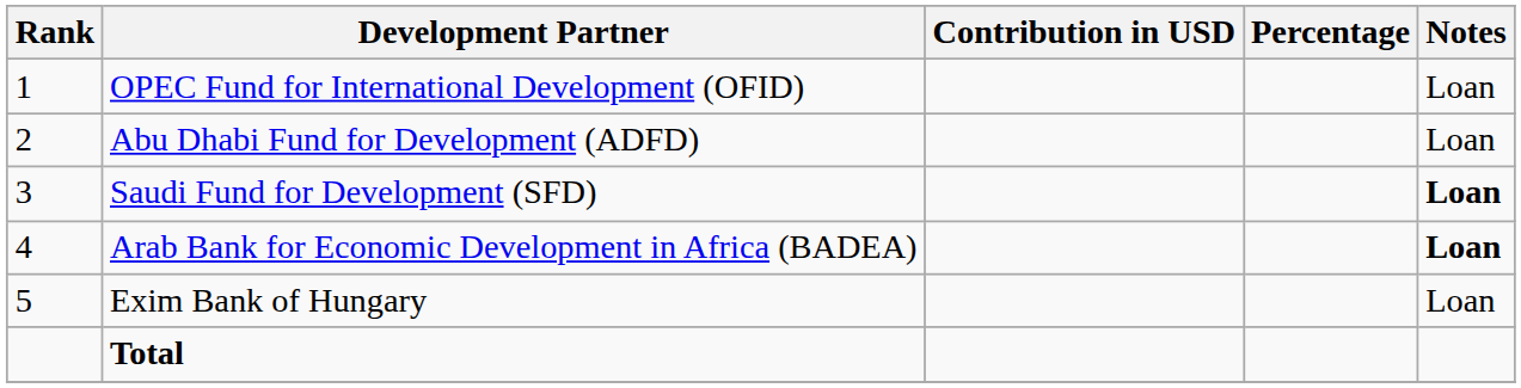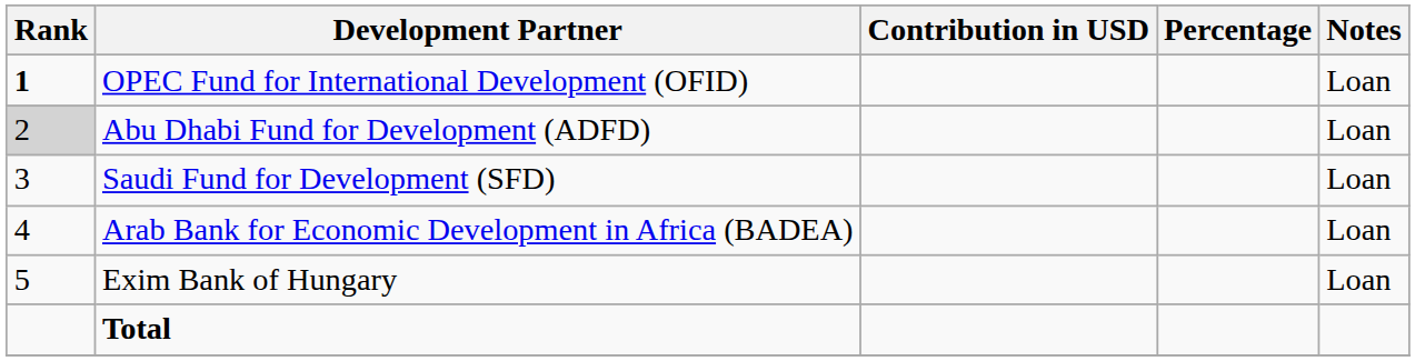 <table class="wikitable sortable" style="margin: 0.5em auto">
 <tr>
 <th>Rank</th>
 <th>Development Partner</th>
 <th>Contribution in USD</th>
 <th>Percentage</th>
 <th>Notes</th>
 </tr>
 <tr>
-<td>1</td>
+<td><strong>1</strong></td>
 <td><a href='#'>OPEC Fund for International Development</a> (OFID)</td>
 <td></td>
 <td></td>
 <td>Loan</td>
 </tr>
 <tr>
-<td>2</td>
+<td style="background: lightgrey;">2</td>
 <td><a href='#'>Abu Dhabi Fund for Development</a> (ADFD)</td>
 <td></td>
 <td></td>
 <td>Loan</td>
 </tr>
 <tr>
 <td>3</td>
 <td><a href='#'>Saudi Fund for Development</a> (SFD)</td>
 <td></td>
 <td></td>
-<td><strong>Loan</strong></td>
+<td>Loan</td>
 </tr>
 <tr>
 <td>4</td>
 <td><a href='#'>Arab Bank for Economic Development in Africa</a> (BADEA)</td>
 <td></td>
 <td></td>
-<td><strong>Loan</strong></td>
+<td>Loan</td>
 </tr>
 <tr>
 <td>5</td>
 <td>Exim  Bank of Hungary</td>
 <td></td>
 <td></td>
 <td>Loan</td>
 </tr>
 <tr>
 <td></td>
 <td><strong>Total</strong></td>
 <td></td>
 <td></td>
 <td></td>
 </tr>
 <tr>
 </tr>
 </table>
